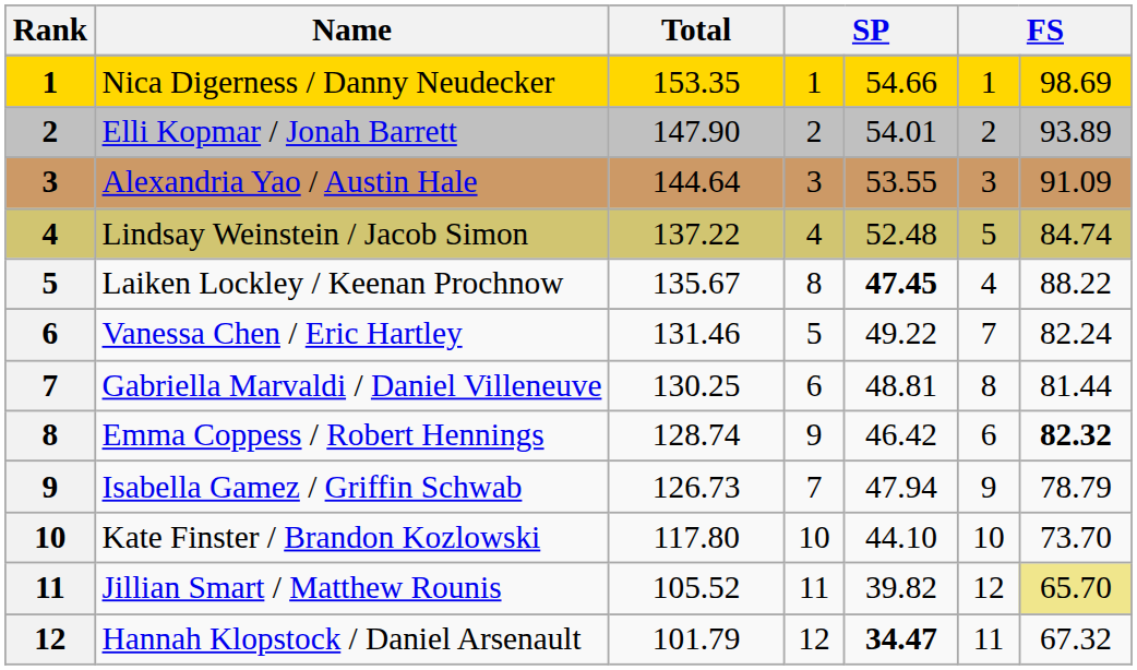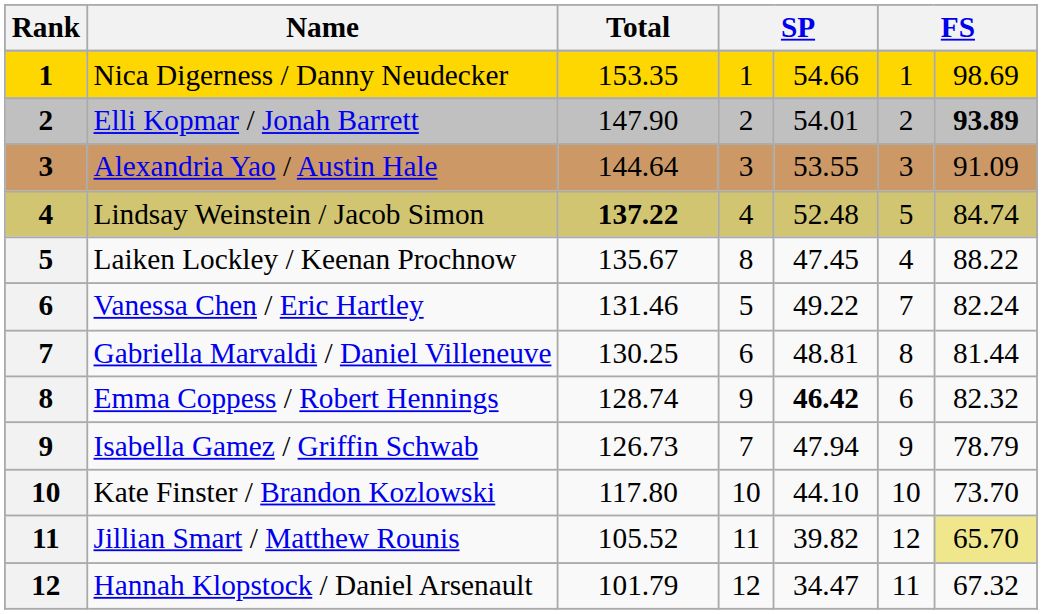 <table class="wikitable sortable">
 <tr>
 <th>Rank</th>
 <th>Name</th>
 <th width="80px">Total</th>
 <th colspan="2" width="80px"><a href='#'>SP</a></th>
 <th colspan="2" width="80px"><a href='#'>FS</a></th>
 </tr>
 <tr bgcolor="gold">
 </tr>
 <tr bgcolor="gold">
 <td align="center"><strong>1</strong></td>
 <td>Nica Digerness / Danny Neudecker</td>
 <td align="center">153.35</td>
 <td align="center">1</td>
 <td align="center">54.66</td>
 <td align="center">1</td>
 <td align="center">98.69</td>
 </tr>
 <tr bgcolor="silver">
 <td align="center"><strong>2</strong></td>
 <td><a href='#'>Elli Kopmar</a> / <a href='#'>Jonah Barrett</a></td>
 <td align="center">147.90</td>
 <td align="center">2</td>
 <td align="center">54.01</td>
 <td align="center">2</td>
-<td align="center">93.89</td>
+<td align="center"><strong>93.89</strong></td>
 </tr>
 <tr bgcolor="cc9966">
 <td align="center"><strong>3</strong></td>
 <td><a href='#'>Alexandria Yao</a> / <a href='#'>Austin Hale</a></td>
 <td align="center">144.64</td>
 <td align="center">3</td>
 <td align="center">53.55</td>
 <td align="center">3</td>
 <td align="center">91.09</td>
 </tr>
 <tr bgcolor="#d1c571">
 <td align="center"><strong>4</strong></td>
 <td>Lindsay Weinstein / Jacob Simon</td>
-<td align="center">137.22</td>
+<td align="center"><strong>137.22</strong></td>
 <td align="center">4</td>
 <td align="center">52.48</td>
 <td align="center">5</td>
 <td align="center">84.74</td>
 </tr>
 <tr>
 <th>5</th>
 <td>Laiken Lockley / Keenan Prochnow</td>
 <td align="center">135.67</td>
 <td align="center">8</td>
-<td align="center"><strong>47.45</strong></td>
+<td align="center">47.45</td>
 <td align="center">4</td>
 <td align="center">88.22</td>
 </tr>
 <tr>
 <th>6</th>
 <td><a href='#'>Vanessa Chen</a> / <a href='#'>Eric Hartley</a></td>
 <td align="center">131.46</td>
 <td align="center">5</td>
 <td align="center">49.22</td>
 <td align="center">7</td>
 <td align="center">82.24</td>
 </tr>
 <tr>
 <th>7</th>
 <td><a href='#'>Gabriella Marvaldi</a> / <a href='#'>Daniel Villeneuve</a></td>
 <td align="center">130.25</td>
 <td align="center">6</td>
 <td align="center">48.81</td>
 <td align="center">8</td>
 <td align="center">81.44</td>
 </tr>
 <tr>
 <th>8</th>
 <td><a href='#'>Emma Coppess</a> / <a href='#'>Robert Hennings</a></td>
 <td align="center">128.74</td>
 <td align="center">9</td>
-<td align="center">46.42</td>
+<td align="center"><strong>46.42</strong></td>
 <td align="center">6</td>
-<td align="center"><strong>82.32</strong></td>
+<td align="center">82.32</td>
 </tr>
 <tr>
 <th>9</th>
 <td><a href='#'>Isabella Gamez</a> / <a href='#'>Griffin Schwab</a></td>
 <td align="center">126.73</td>
 <td align="center">7</td>
 <td align="center">47.94</td>
 <td align="center">9</td>
 <td align="center">78.79</td>
 </tr>
 <tr>
 <th>10</th>
 <td>Kate Finster / <a href='#'>Brandon Kozlowski</a></td>
 <td align="center">117.80</td>
 <td align="center">10</td>
 <td align="center">44.10</td>
 <td align="center">10</td>
 <td align="center">73.70</td>
 </tr>
 <tr>
 <th>11</th>
 <td><a href='#'>Jillian Smart</a> / <a href='#'>Matthew Rounis</a></td>
 <td align="center">105.52</td>
 <td align="center">11</td>
 <td align="center">39.82</td>
 <td align="center">12</td>
 <td align="center" style="background: khaki;">65.70</td>
 </tr>
 <tr>
 <th>12</th>
 <td><a href='#'>Hannah Klopstock</a> / Daniel Arsenault</td>
 <td align="center">101.79</td>
 <td align="center">12</td>
-<td align="center"><strong>34.47</strong></td>
+<td align="center">34.47</td>
 <td align="center">11</td>
 <td align="center">67.32</td>
 </tr>
 </table>
